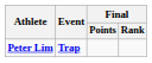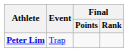 <table class="wikitable" style="font-size:90%;">
 <tr>
 <th rowspan=2>Athlete</th>
 <th rowspan=2>Event</th>
 <th colspan=2>Final</th>
 </tr>
 <tr style="font-size:95%">
 <th>Points</th>
 <th>Rank</th>
 </tr>
 <tr align=center>
 <td align=left><strong><a href='#'>Peter Lim</a></strong></td>
-<td align=left><strong><a href='#'>Trap</a></strong></td>
+<td align=left><a href='#'>Trap</a></td>
 <td></td>
 <td></td>
 </tr>
 </table>
